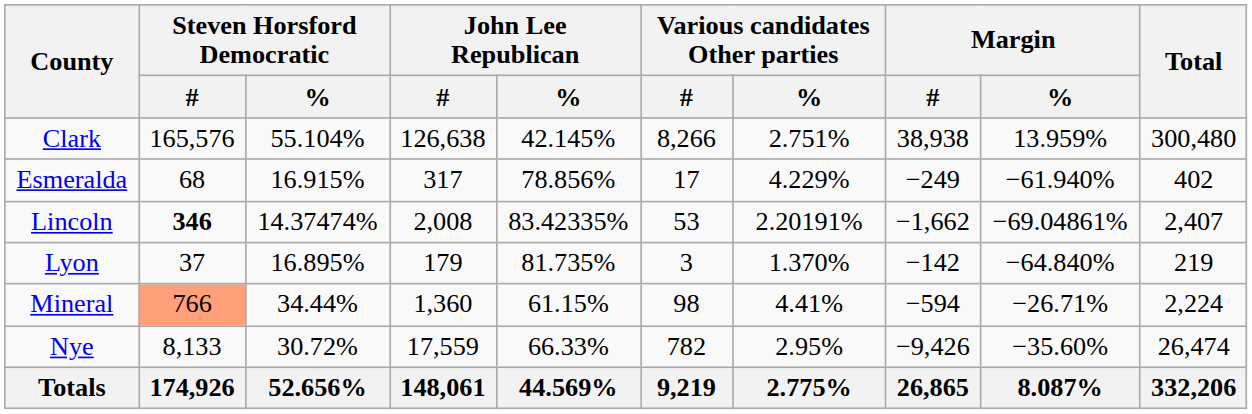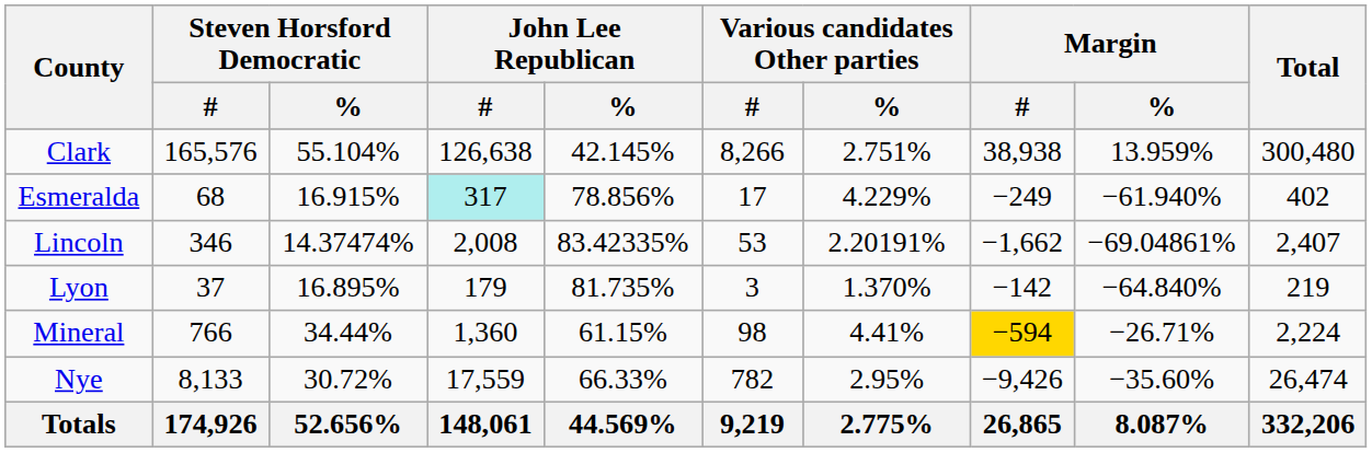 <table width="60%"  class="wikitable sortable" style="text-align:center">
 <tr>
 <th rowspan="2">County</th>
 <th style="text-align:center;" colspan="2">Steven Horsford<br>Democratic</th>
 <th style="text-align:center;" colspan="2">John Lee<br>Republican</th>
 <th style="text-align:center;" colspan="2">Various candidates<br>Other parties</th>
 <th style="text-align:center;" colspan="2">Margin</th>
 <th style="text-align:center;" rowspan="2">Total</th>
 </tr>
 <tr>
 <th style="text-align:center;" data-sort-type="number">#</th>
 <th style="text-align:center;" data-sort-type="number">%</th>
 <th style="text-align:center;" data-sort-type="number">#</th>
 <th style="text-align:center;" data-sort-type="number">%</th>
 <th style="text-align:center;" data-sort-type="number">#</th>
 <th style="text-align:center;" data-sort-type="number">%</th>
 <th style="text-align:center;" data-sort-type="number">#</th>
 <th style="text-align:center;" data-sort-type="number">%</th>
 </tr>
 <tr style="text-align:center;">
 <td><a href='#'>Clark</a></td>
 <td>165,576</td>
 <td>55.104%</td>
 <td>126,638</td>
 <td>42.145%</td>
 <td>8,266</td>
 <td>2.751%</td>
 <td>38,938</td>
 <td>13.959%</td>
 <td>300,480</td>
 </tr>
 <tr style="text-align:center;">
 <td><a href='#'>Esmeralda</a></td>
 <td>68</td>
 <td>16.915%</td>
-<td>317</td>
+<td style="background: paleturquoise;">317</td>
 <td>78.856%</td>
 <td>17</td>
 <td>4.229%</td>
 <td>−249</td>
 <td>−61.940%</td>
 <td>402</td>
 </tr>
 <tr style="text-align:center;">
 <td><a href='#'>Lincoln</a></td>
-<td><strong>346</strong></td>
+<td>346</td>
 <td>14.37474%</td>
 <td>2,008</td>
 <td>83.42335%</td>
 <td>53</td>
 <td>2.20191%</td>
 <td>−1,662</td>
 <td>−69.04861%</td>
 <td>2,407</td>
 </tr>
 <tr style="text-align:center;">
 <td><a href='#'>Lyon</a></td>
 <td>37</td>
 <td>16.895%</td>
 <td>179</td>
 <td>81.735%</td>
 <td>3</td>
 <td>1.370%</td>
 <td>−142</td>
 <td>−64.840%</td>
 <td>219</td>
 </tr>
 <tr style="text-align:center;">
 <td><a href='#'>Mineral</a></td>
-<td style="background: lightsalmon;">766</td>
+<td>766</td>
 <td>34.44%</td>
 <td>1,360</td>
 <td>61.15%</td>
 <td>98</td>
 <td>4.41%</td>
-<td>−594</td>
+<td style="background: gold;">−594</td>
 <td>−26.71%</td>
 <td>2,224</td>
 </tr>
 <tr style="text-align:center;">
 <td><a href='#'>Nye</a></td>
 <td>8,133</td>
 <td>30.72%</td>
 <td>17,559</td>
 <td>66.33%</td>
 <td>782</td>
 <td>2.95%</td>
 <td>−9,426</td>
 <td>−35.60%</td>
 <td>26,474</td>
 </tr>
 <tr style="text-align:center;">
 <th>Totals</th>
 <th>174,926</th>
 <th>52.656%</th>
 <th>148,061</th>
 <th>44.569%</th>
 <th>9,219</th>
 <th>2.775%</th>
 <th>26,865</th>
 <th>8.087%</th>
 <th>332,206</th>
 </tr>
 </table>
